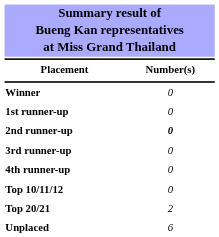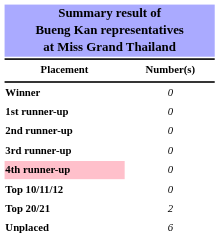 <table style="width: 270px; font-size:85%; line-height:1.5em;">
 <tr>
 <th colspan="2" align="center" style="background:#AAF;"><big>Summary result of<br>Bueng Kan representatives<br>at Miss Grand Thailand</big></th>
 </tr>
 <tr>
 <td colspan="2" style="background:black"></td>
 </tr>
 <tr>
 <th scope="col">Placement</th>
 <th scope="col">Number(s)</th>
 </tr>
 <tr>
 <td colspan="2" style="background:black"></td>
 </tr>
 <tr>
 <td align="left"><strong>Winner</strong></td>
 <td align="center"><em>0</em></td>
 </tr>
 <tr>
 <td align="left"><strong>1st runner-up</strong></td>
 <td align="center"><em>0</em></td>
 </tr>
 <tr>
 <td align="left"><strong>2nd runner-up</strong></td>
-<td align="center"><strong><em>0</em></strong></td>
+<td align="center"><em>0</em></td>
 </tr>
 <tr>
 <td align="left"><strong>3rd runner-up</strong></td>
 <td align="center"><em>0</em></td>
 </tr>
 <tr>
-<td align="left"><strong>4th runner-up</strong></td>
+<td align="left" style="background: pink;"><strong>4th runner-up</strong></td>
 <td align="center"><em>0</em></td>
 </tr>
 <tr>
 <td align="left"><strong>Top 10/11/12</strong></td>
 <td align="center"><em>0</em></td>
 </tr>
 <tr>
 <td align="left"><strong>Top 20/21</strong></td>
 <td align="center"><em>2</em></td>
 </tr>
 <tr>
 <td align="left"><strong>Unplaced</strong></td>
 <td align="center"><em>6</em></td>
 </tr>
 </table>
